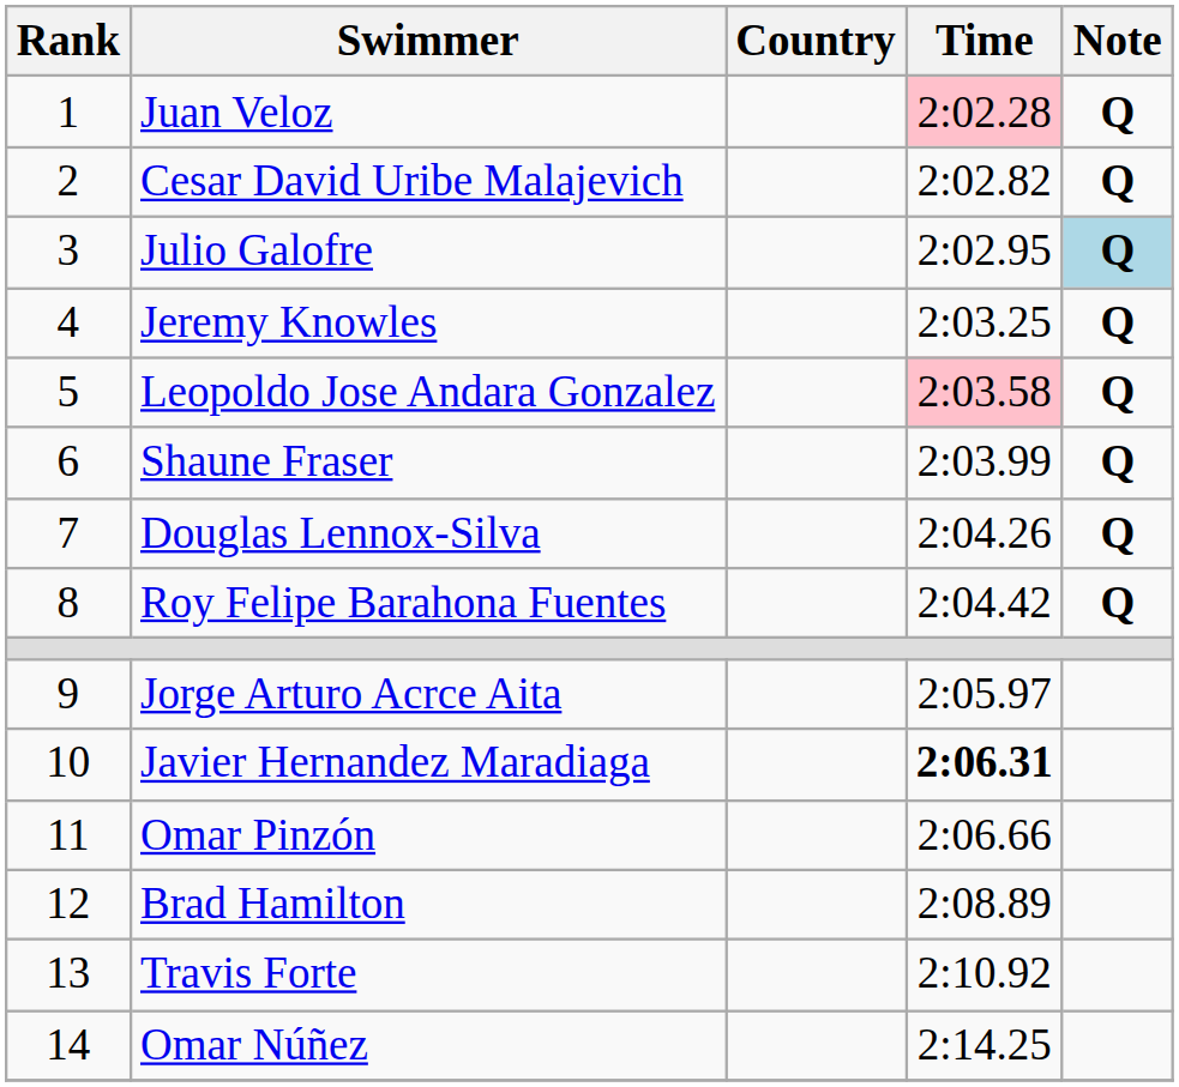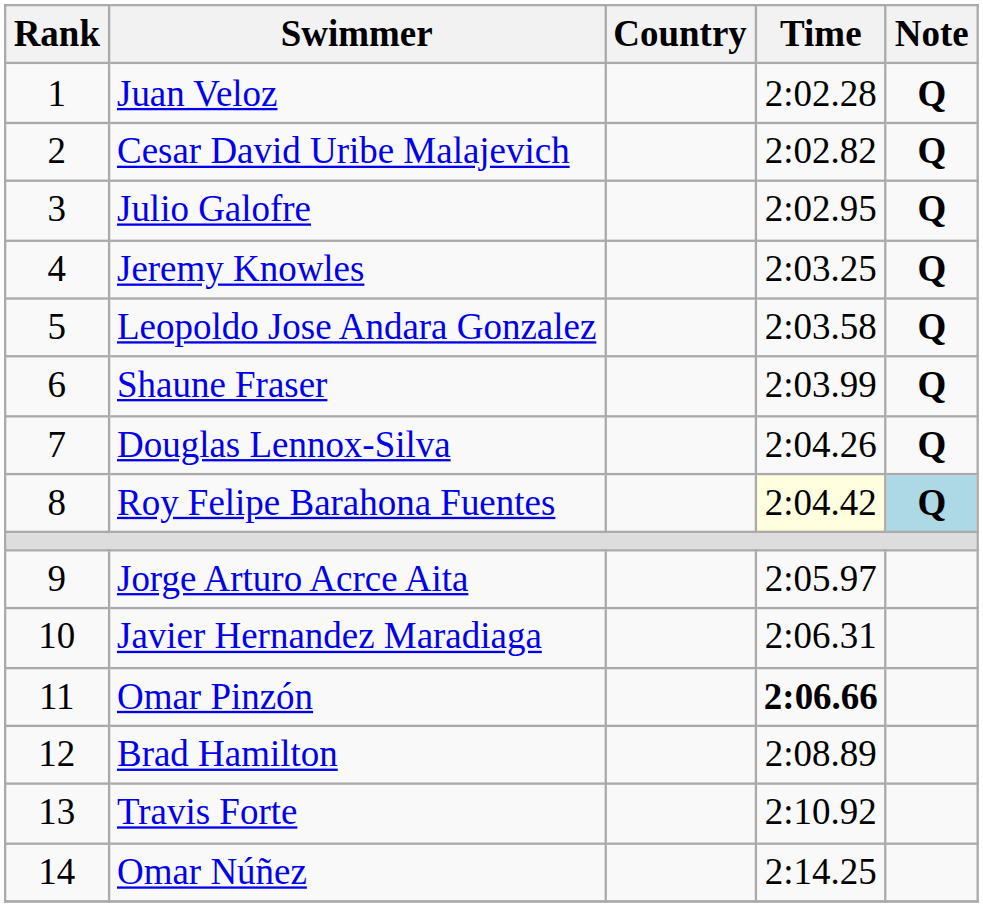 <table class="wikitable" style="text-align:center">
 <tr>
 <th>Rank</th>
 <th>Swimmer</th>
 <th>Country</th>
 <th>Time</th>
 <th>Note</th>
 </tr>
 <tr>
 <td>1</td>
 <td align=left><a href='#'>Juan Veloz</a></td>
 <td align=left></td>
-<td style="background: pink;">2:02.28</td>
+<td>2:02.28</td>
 <td><strong>Q</strong></td>
 </tr>
 <tr>
 <td>2</td>
 <td align=left><a href='#'>Cesar David Uribe Malajevich</a></td>
 <td align=left></td>
 <td>2:02.82</td>
 <td><strong>Q</strong></td>
 </tr>
 <tr>
 <td>3</td>
 <td align=left><a href='#'>Julio Galofre</a></td>
 <td align=left></td>
 <td>2:02.95</td>
-<td style="background: lightblue;"><strong>Q</strong></td>
+<td><strong>Q</strong></td>
 </tr>
 <tr>
 <td>4</td>
 <td align=left><a href='#'>Jeremy Knowles</a></td>
 <td align=left></td>
 <td>2:03.25</td>
 <td><strong>Q</strong></td>
 </tr>
 <tr>
 <td>5</td>
 <td align=left><a href='#'>Leopoldo Jose Andara Gonzalez</a></td>
 <td align=left></td>
-<td style="background: pink;">2:03.58</td>
+<td>2:03.58</td>
 <td><strong>Q</strong></td>
 </tr>
 <tr>
 <td>6</td>
 <td align=left><a href='#'>Shaune Fraser</a></td>
 <td align=left></td>
 <td>2:03.99</td>
 <td><strong>Q</strong></td>
 </tr>
 <tr>
 <td>7</td>
 <td align=left><a href='#'>Douglas Lennox-Silva</a></td>
 <td align=left></td>
 <td>2:04.26</td>
 <td><strong>Q</strong></td>
 </tr>
 <tr>
 <td>8</td>
 <td align=left><a href='#'>Roy Felipe Barahona Fuentes</a></td>
 <td align=left></td>
-<td>2:04.42</td>
-<td><strong>Q</strong></td>
+<td style="background: lightyellow;">2:04.42</td>
+<td style="background: lightblue;"><strong>Q</strong></td>
 </tr>
 <tr bgcolor=#DDDDDD>
 <td colspan=5></td>
 </tr>
 <tr>
 <td>9</td>
 <td align=left><a href='#'>Jorge Arturo Acrce Aita</a></td>
 <td align=left></td>
 <td>2:05.97</td>
 <td></td>
 </tr>
 <tr>
 <td>10</td>
 <td align=left><a href='#'>Javier Hernandez Maradiaga</a></td>
 <td align=left></td>
-<td><strong>2:06.31</strong></td>
+<td>2:06.31</td>
 <td></td>
 </tr>
 <tr>
 <td>11</td>
 <td align=left><a href='#'>Omar Pinzón</a></td>
 <td align=left></td>
-<td>2:06.66</td>
+<td><strong>2:06.66</strong></td>
 <td></td>
 </tr>
 <tr>
 <td>12</td>
 <td align=left><a href='#'>Brad Hamilton</a></td>
 <td align=left></td>
 <td>2:08.89</td>
 <td></td>
 </tr>
 <tr>
 <td>13</td>
 <td align=left><a href='#'>Travis Forte</a></td>
 <td align=left></td>
 <td>2:10.92</td>
 <td></td>
 </tr>
 <tr>
 <td>14</td>
 <td align=left><a href='#'>Omar Núñez</a></td>
 <td align=left></td>
 <td>2:14.25</td>
 <td></td>
 </tr>
 <tr>
 </tr>
 </table>
